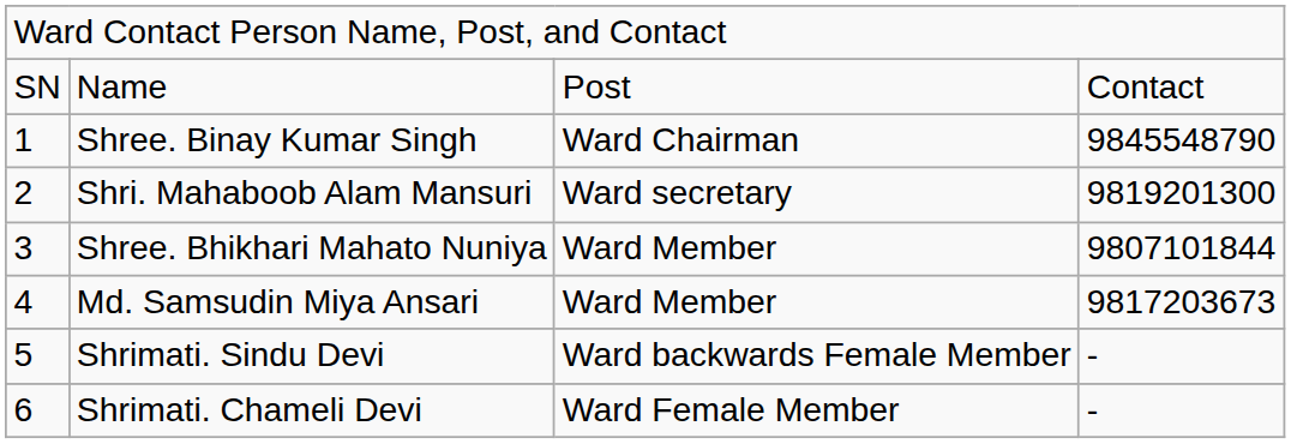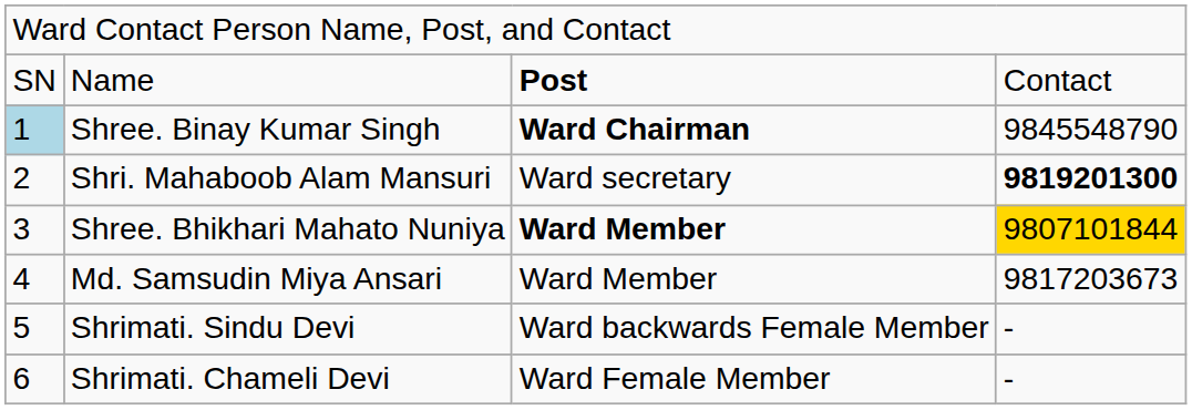 <table class="wikitable">
 <tr>
 <td colspan="4">Ward Contact  Person Name, Post, and Contact</td>
 </tr>
 <tr>
 <td>SN</td>
 <td>Name</td>
-<td>Post</td>
+<td><strong>Post</strong></td>
 <td>Contact</td>
 </tr>
 <tr>
-<td>1</td>
+<td style="background: lightblue;">1</td>
 <td>Shree. Binay Kumar Singh</td>
-<td>Ward Chairman</td>
+<td><strong>Ward Chairman</strong></td>
 <td>9845548790</td>
 </tr>
 <tr>
 <td>2</td>
 <td>Shri.  Mahaboob Alam Mansuri</td>
 <td>Ward  secretary</td>
-<td>9819201300</td>
+<td><strong>9819201300</strong></td>
 </tr>
 <tr>
 <td>3</td>
 <td>Shree. Bhikhari Mahato Nuniya</td>
-<td>Ward Member</td>
-<td>9807101844</td>
+<td><strong>Ward Member</strong></td>
+<td style="background: gold;">9807101844</td>
 </tr>
 <tr>
 <td>4</td>
 <td>Md. Samsudin Miya Ansari</td>
 <td>Ward Member</td>
 <td>9817203673</td>
 </tr>
 <tr>
 <td>5</td>
 <td>Shrimati. Sindu Devi</td>
 <td>Ward  backwards Female Member</td>
 <td>-</td>
 </tr>
 <tr>
 <td>6</td>
 <td>Shrimati.  Chameli Devi</td>
 <td>Ward Female  Member</td>
 <td>-</td>
 </tr>
 </table>
